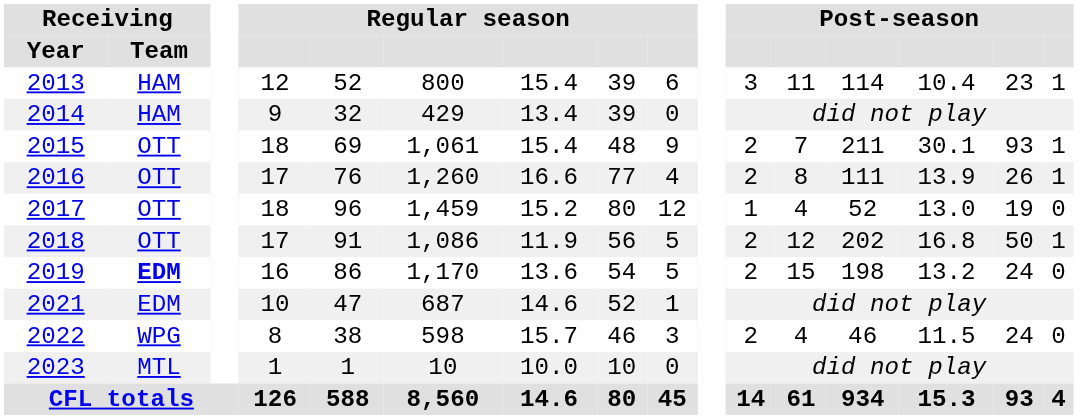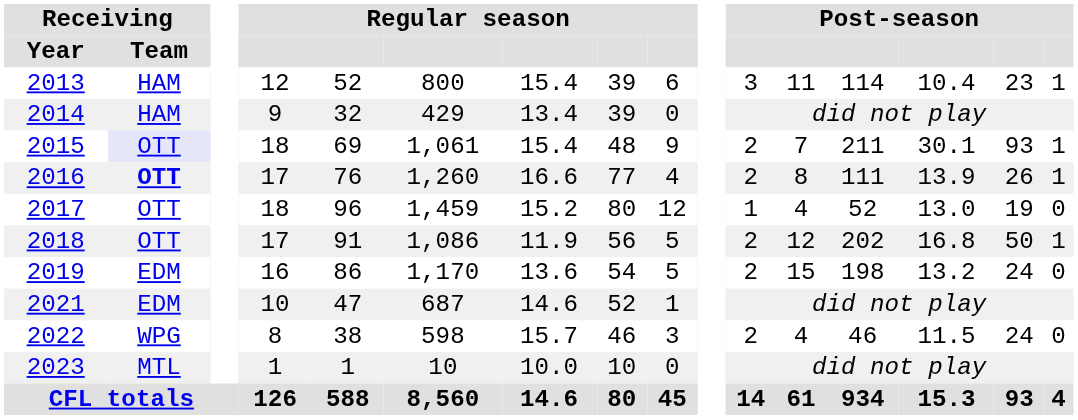 <table BORDER="0" CELLPADDING="1" CELLSPACING="0" width="65%" style="text-align:center">
 <tr bgcolor="#e0e0e0">
 <th colspan="2">Receiving</th>
 <th rowspan="99" bgcolor="#ffffff"> </th>
 <th colspan="6">Regular season</th>
 <th rowspan="99" bgcolor="#ffffff"> </th>
 <th colspan="6">Post-season</th>
 </tr>
 <tr bgcolor="#e0e0e0">
 <th>Year</th>
 <th>Team</th>
 <th></th>
 <th></th>
 <th></th>
 <th></th>
 <th></th>
 <th></th>
 <th></th>
 <th></th>
 <th></th>
 <th></th>
 <th></th>
 <th></th>
 </tr>
 <tr ALIGN="centre">
 <td><a href='#'>2013</a></td>
 <td><a href='#'>HAM</a></td>
 <td>12</td>
 <td>52</td>
 <td>800</td>
 <td>15.4</td>
 <td>39</td>
 <td>6</td>
 <td>3</td>
 <td>11</td>
 <td>114</td>
 <td>10.4</td>
 <td>23</td>
 <td>1</td>
 </tr>
 <tr ALIGN="centre" bgcolor="#f0f0f0">
 <td><a href='#'>2014</a></td>
 <td><a href='#'>HAM</a></td>
 <td>9</td>
 <td>32</td>
 <td>429</td>
 <td>13.4</td>
 <td>39</td>
 <td>0</td>
 <td colspan="6"><em>did not play</em></td>
 </tr>
 <tr ALIGN="centre">
 <td><a href='#'>2015</a></td>
-<td><a href='#'>OTT</a></td>
+<td style="background: lavender;"><a href='#'>OTT</a></td>
 <td>18</td>
 <td>69</td>
 <td>1,061</td>
 <td>15.4</td>
 <td>48</td>
 <td>9</td>
 <td>2</td>
 <td>7</td>
 <td>211</td>
 <td>30.1</td>
 <td>93</td>
 <td>1</td>
 </tr>
 <tr ALIGN="centre" bgcolor="#f0f0f0">
 <td><a href='#'>2016</a></td>
-<td><a href='#'>OTT</a></td>
+<td><strong><a href='#'>OTT</a></strong></td>
 <td>17</td>
 <td>76</td>
 <td>1,260</td>
 <td>16.6</td>
 <td>77</td>
 <td>4</td>
 <td>2</td>
 <td>8</td>
 <td>111</td>
 <td>13.9</td>
 <td>26</td>
 <td>1</td>
 </tr>
 <tr ALIGN="centre">
 <td><a href='#'>2017</a></td>
 <td><a href='#'>OTT</a></td>
 <td>18</td>
 <td>96</td>
 <td>1,459</td>
 <td>15.2</td>
 <td>80</td>
 <td>12</td>
 <td>1</td>
 <td>4</td>
 <td>52</td>
 <td>13.0</td>
 <td>19</td>
 <td>0</td>
 </tr>
 <tr ALIGN="centre" bgcolor="#f0f0f0">
 <td><a href='#'>2018</a></td>
 <td><a href='#'>OTT</a></td>
 <td>17</td>
 <td>91</td>
 <td>1,086</td>
 <td>11.9</td>
 <td>56</td>
 <td>5</td>
 <td>2</td>
 <td>12</td>
 <td>202</td>
 <td>16.8</td>
 <td>50</td>
 <td>1</td>
 </tr>
 <tr ALIGN="centre">
 <td><a href='#'>2019</a></td>
-<td><strong><a href='#'>EDM</a></strong></td>
+<td><a href='#'>EDM</a></td>
 <td>16</td>
 <td>86</td>
 <td>1,170</td>
 <td>13.6</td>
 <td>54</td>
 <td>5</td>
 <td>2</td>
 <td>15</td>
 <td>198</td>
 <td>13.2</td>
 <td>24</td>
 <td>0</td>
 </tr>
 <tr ALIGN="centre" bgcolor="#f0f0f0">
 <td><a href='#'>2021</a></td>
 <td><a href='#'>EDM</a></td>
 <td>10</td>
 <td>47</td>
 <td>687</td>
 <td>14.6</td>
 <td>52</td>
 <td>1</td>
 <td colspan="6"><em>did not play</em></td>
 </tr>
 <tr ALIGN="centre">
 <td><a href='#'>2022</a></td>
 <td><a href='#'>WPG</a></td>
 <td>8</td>
 <td>38</td>
 <td>598</td>
 <td>15.7</td>
 <td>46</td>
 <td>3</td>
 <td>2</td>
 <td>4</td>
 <td>46</td>
 <td>11.5</td>
 <td>24</td>
 <td>0</td>
 </tr>
 <tr ALIGN="centre" bgcolor="#f0f0f0">
 <td><a href='#'>2023</a></td>
 <td><a href='#'>MTL</a></td>
 <td>1</td>
 <td>1</td>
 <td>10</td>
 <td>10.0</td>
 <td>10</td>
 <td>0</td>
 <td colspan="6"><em>did not play</em></td>
 </tr>
 <tr bgcolor="#e0e0e0">
 <th colspan="3"><a href='#'>CFL totals</a></th>
 <th>126</th>
 <th>588</th>
 <th>8,560</th>
 <th>14.6</th>
 <th>80</th>
 <th>45</th>
 <th>14</th>
 <th>61</th>
 <th>934</th>
 <th>15.3</th>
 <th>93</th>
 <th>4</th>
 </tr>
 </table>
